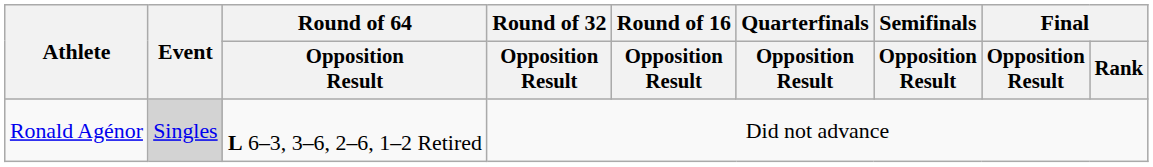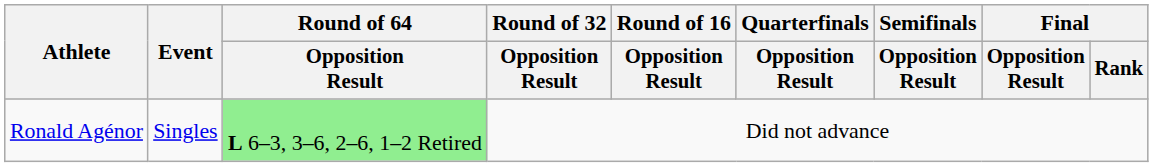 <table class="wikitable" style="font-size:90%">
 <tr>
 <th rowspan="2">Athlete</th>
 <th rowspan="2">Event</th>
 <th>Round of 64</th>
 <th>Round of 32</th>
 <th>Round of 16</th>
 <th>Quarterfinals</th>
 <th>Semifinals</th>
 <th colspan=2>Final</th>
 </tr>
 <tr style="font-size:95%">
 <th>Opposition<br>Result</th>
 <th>Opposition<br>Result</th>
 <th>Opposition<br>Result</th>
 <th>Opposition<br>Result</th>
 <th>Opposition<br>Result</th>
 <th>Opposition<br>Result</th>
 <th>Rank</th>
 </tr>
 <tr align=center>
 <td align=left><a href='#'>Ronald Agénor</a></td>
-<td align=left style="background: lightgrey;"><a href='#'>Singles</a></td>
-<td><br><strong>L</strong> 6–3, 3–6, 2–6, 1–2 Retired</td>
+<td align=left><a href='#'>Singles</a></td>
+<td style="background: lightgreen;"><br><strong>L</strong> 6–3, 3–6, 2–6, 1–2 Retired</td>
 <td colspan=6>Did not advance</td>
 </tr>
 </table>
